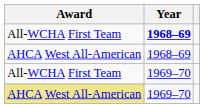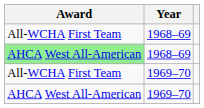 <table class="wikitable">
 <tr>
 <th>Award</th>
 <th>Year</th>
 <th></th>
 </tr>
 <tr>
 <td>All-<a href='#'>WCHA</a> <a href='#'>First Team</a></td>
-<td><strong><a href='#'>1968–69</a></strong></td>
+<td><a href='#'>1968–69</a></td>
 <td></td>
 </tr>
 <tr>
-<td><a href='#'>AHCA</a> <a href='#'>West All-American</a></td>
+<td style="background: lightgreen;"><a href='#'>AHCA</a> <a href='#'>West All-American</a></td>
 <td><a href='#'>1968–69</a></td>
 <td></td>
 </tr>
 <tr>
 <td>All-<a href='#'>WCHA</a> <a href='#'>First Team</a></td>
 <td><a href='#'>1969–70</a></td>
 <td></td>
 </tr>
 <tr>
-<td style="background: khaki;"><a href='#'>AHCA</a> <a href='#'>West All-American</a></td>
+<td><a href='#'>AHCA</a> <a href='#'>West All-American</a></td>
 <td><a href='#'>1969–70</a></td>
 <td></td>
 </tr>
 </table>
